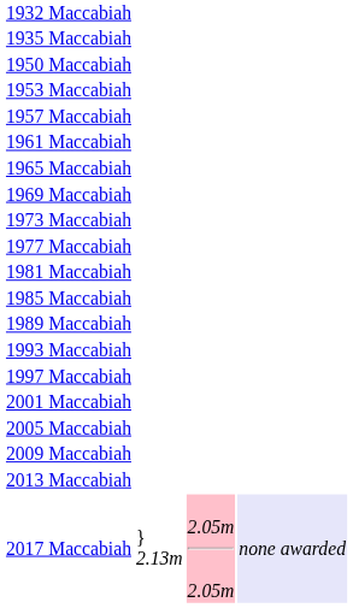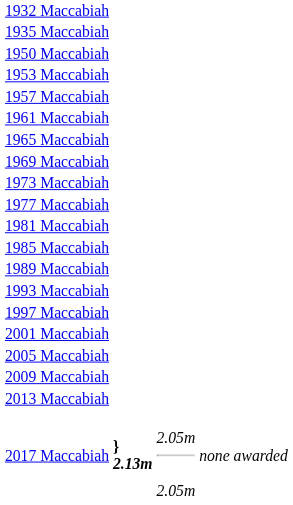 <table>
 <tr valign="top">
 <td><a href='#'>1932 Maccabiah</a></td>
 <td></td>
 <td></td>
 <td></td>
 </tr>
 <tr>
 <td><a href='#'>1935 Maccabiah</a></td>
 <td></td>
 <td></td>
 <td></td>
 </tr>
 <tr>
 <td><a href='#'>1950 Maccabiah</a></td>
 <td></td>
 <td></td>
 <td></td>
 </tr>
 <tr>
 <td><a href='#'>1953 Maccabiah</a></td>
 <td></td>
 <td></td>
 <td></td>
 </tr>
 <tr>
 <td><a href='#'>1957 Maccabiah</a></td>
 <td></td>
 <td></td>
 <td></td>
 </tr>
 <tr>
 <td><a href='#'>1961 Maccabiah</a></td>
 <td></td>
 <td></td>
 <td></td>
 </tr>
 <tr>
 <td><a href='#'>1965 Maccabiah</a></td>
 <td></td>
 <td></td>
 <td></td>
 </tr>
 <tr>
 <td><a href='#'>1969 Maccabiah</a></td>
 <td></td>
 <td></td>
 <td></td>
 </tr>
 <tr>
 <td><a href='#'>1973 Maccabiah</a></td>
 <td></td>
 <td></td>
 <td></td>
 </tr>
 <tr>
 <td><a href='#'>1977 Maccabiah</a></td>
 <td></td>
 <td></td>
 <td></td>
 </tr>
 <tr>
 <td><a href='#'>1981 Maccabiah</a></td>
 <td></td>
 <td></td>
 <td></td>
 </tr>
 <tr>
 <td><a href='#'>1985 Maccabiah</a></td>
 <td></td>
 <td></td>
 <td></td>
 </tr>
 <tr>
 <td><a href='#'>1989 Maccabiah</a></td>
 <td></td>
 <td></td>
 <td></td>
 </tr>
 <tr>
 <td><a href='#'>1993 Maccabiah</a></td>
 <td></td>
 <td></td>
 <td></td>
 </tr>
 <tr>
 <td><a href='#'>1997 Maccabiah</a></td>
 <td></td>
 <td></td>
 <td></td>
 </tr>
 <tr>
 <td><a href='#'>2001 Maccabiah</a></td>
 <td></td>
 <td></td>
 <td></td>
 </tr>
 <tr>
 <td><a href='#'>2005 Maccabiah</a></td>
 <td></td>
 <td></td>
 <td></td>
 </tr>
 <tr>
 <td><a href='#'>2009 Maccabiah</a></td>
 <td></td>
 <td></td>
 <td></td>
 </tr>
 <tr>
 <td><a href='#'>2013 Maccabiah</a></td>
 <td></td>
 <td></td>
 <td></td>
 </tr>
 <tr>
 <td><a href='#'>2017 Maccabiah</a></td>
-<td>}<br><em>2.13m</em></td>
-<td style="background: pink;"><br><em>2.05m</em><hr><br><em>2.05m</em></td>
-<td style="background: lavender;"><em>none awarded</em></td>
+<td><strong>}<br><em>2.13m</em></strong></td>
+<td><br><em>2.05m</em><hr><br><em>2.05m</em></td>
+<td><em>none awarded</em></td>
 </tr>
 </table>
